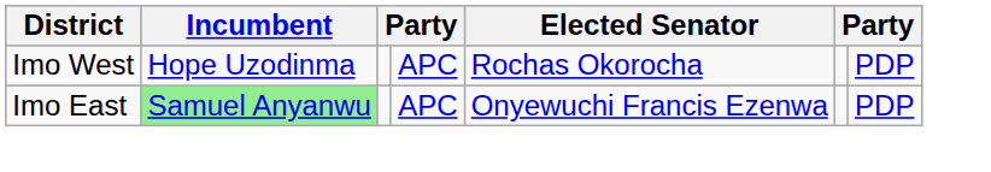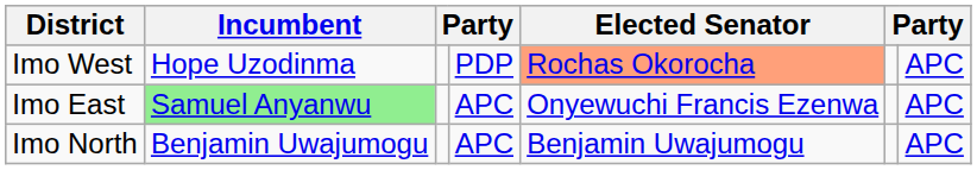 <table class="sortable wikitable" style="font-size:95%;line-height:14px;">
 <tr>
 <th class="unsortable">District</th>
 <th class="unsortable"><a href='#'>Incumbent</a></th>
 <th colspan="2">Party</th>
 <th class="unsortable">Elected Senator</th>
 <th colspan="2">Party</th>
 </tr>
 <tr>
 <td>Imo West</td>
 <td><a href='#'>Hope Uzodinma</a></td>
 <td style="background:"></td>
+<td><a href='#'>PDP</a></td>
+<td style="background: lightsalmon;"><a href='#'>Rochas Okorocha</a></td>
+<td style="background:"></td>
 <td><a href='#'>APC</a></td>
-<td><a href='#'>Rochas Okorocha</a></td>
-<td style="background:"></td>
-<td><a href='#'>PDP</a></td>
 </tr>
 <tr>
 <td>Imo East</td>
 <td style="background: lightgreen;"><a href='#'>Samuel Anyanwu</a></td>
 <td style="background:"></td>
 <td><a href='#'>APC</a></td>
 <td><a href='#'>Onyewuchi Francis Ezenwa</a></td>
 <td style="background:"></td>
-<td><a href='#'>PDP</a></td>
+<td><a href='#'>APC</a></td>
+</tr>
+<tr>
+<td>Imo North</td>
+<td><a href='#'>Benjamin Uwajumogu</a></td>
+<td style="background:"></td>
+<td><a href='#'>APC</a></td>
+<td><a href='#'>Benjamin Uwajumogu</a></td>
+<td style="background:"></td>
+<td><a href='#'>APC</a></td>
 </tr>
 </table>
